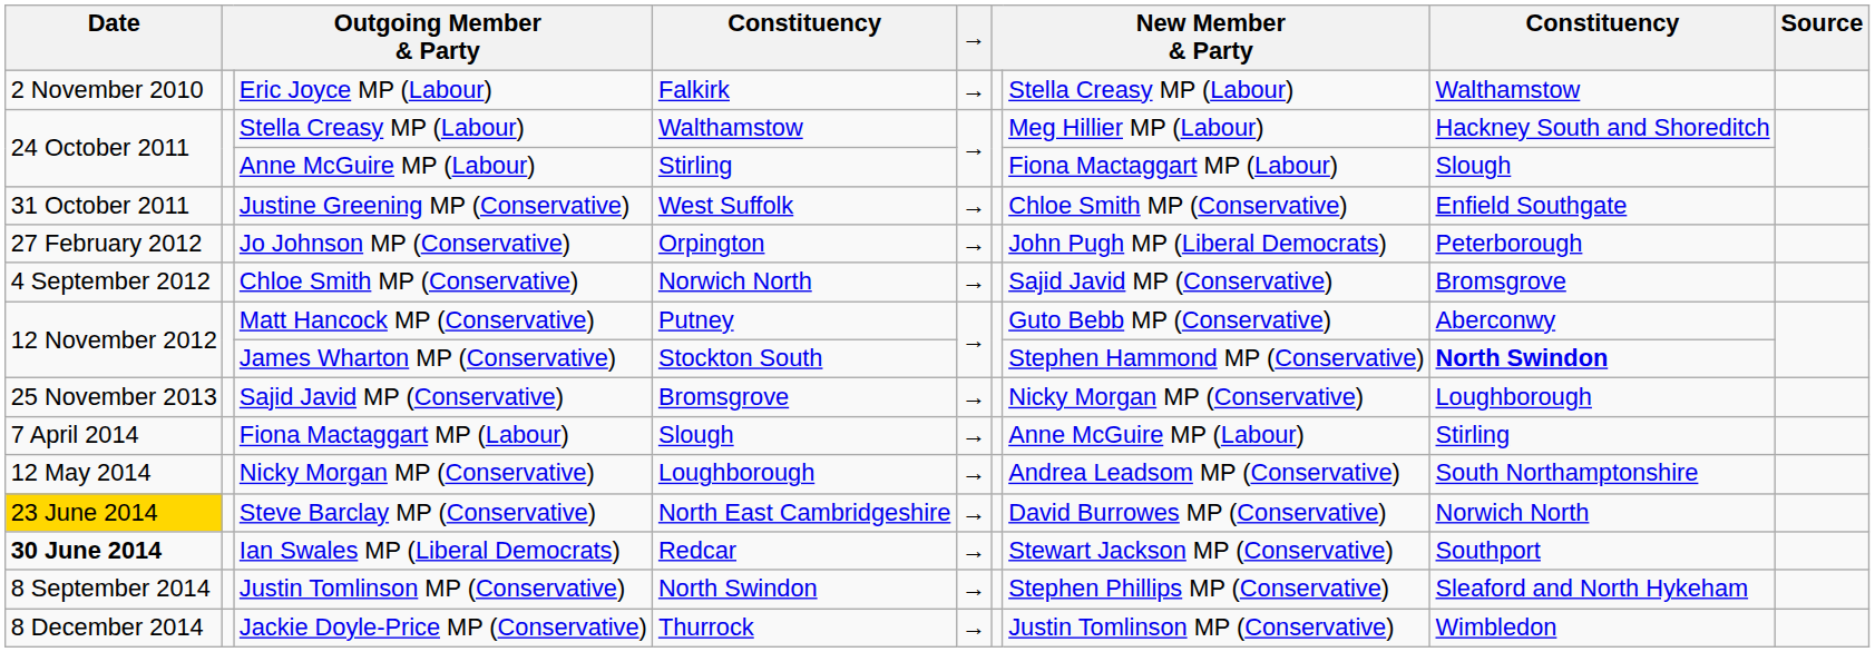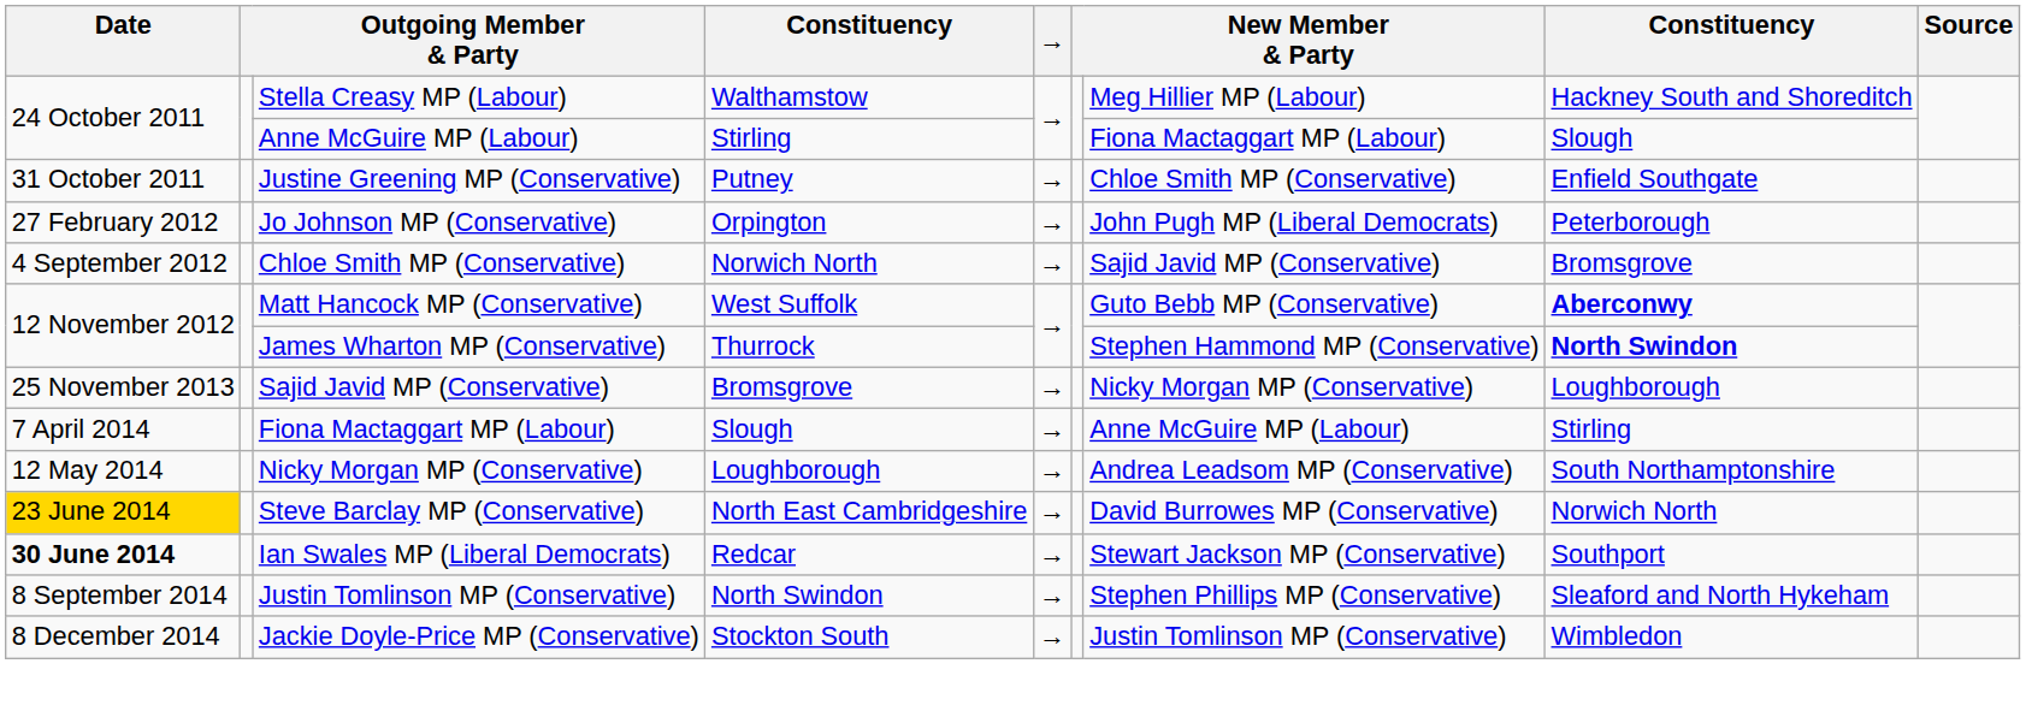 <table class="wikitable">
 <tr>
 <th valign="top">Date</th>
 <th colspan="2" valign="top">Outgoing Member<br>& Party</th>
 <th valign="top">Constituency</th>
 <th>→</th>
 <th colspan="2" valign="top">New Member<br>& Party</th>
 <th valign="top">Constituency</th>
 <th valign="top">Source</th>
-</tr>
-<tr>
-<td>2 November 2010</td>
-<td style="color:inherit;background:"></td>
-<td><a href='#'>Eric Joyce</a> MP (<a href='#'>Labour</a>)</td>
-<td><a href='#'>Falkirk</a></td>
-<td>→</td>
-<td style="color:inherit;background:"></td>
-<td><a href='#'>Stella Creasy</a> MP (<a href='#'>Labour</a>)</td>
-<td><a href='#'>Walthamstow</a></td>
-<td></td>
 </tr>
 <tr>
 <td rowspan=2>24 October 2011</td>
 <td rowspan=2 style="color:inherit;background:"></td>
 <td><a href='#'>Stella Creasy</a> MP (<a href='#'>Labour</a>)</td>
 <td><a href='#'>Walthamstow</a></td>
 <td rowspan=2>→</td>
 <td rowspan=2 style="color:inherit;background:"></td>
 <td><a href='#'>Meg Hillier</a> MP (<a href='#'>Labour</a>)</td>
 <td><a href='#'>Hackney South and Shoreditch</a></td>
 <td rowspan=2></td>
 </tr>
 <tr>
 <td><a href='#'>Anne McGuire</a> MP (<a href='#'>Labour</a>)</td>
 <td><a href='#'>Stirling</a></td>
 <td><a href='#'>Fiona Mactaggart</a> MP (<a href='#'>Labour</a>)</td>
 <td><a href='#'>Slough</a></td>
 </tr>
 <tr>
 <td>31 October 2011</td>
 <td style="color:inherit;background:"></td>
 <td><a href='#'>Justine Greening</a> MP (<a href='#'>Conservative</a>)</td>
-<td><a href='#'>West Suffolk</a></td>
+<td><a href='#'>Putney</a></td>
 <td>→</td>
 <td style="color:inherit;background:"></td>
 <td><a href='#'>Chloe Smith</a> MP (<a href='#'>Conservative</a>)</td>
 <td><a href='#'>Enfield Southgate</a></td>
 <td></td>
 </tr>
 <tr>
 <td>27 February 2012</td>
 <td style="color:inherit;background:"></td>
 <td><a href='#'>Jo Johnson</a> MP (<a href='#'>Conservative</a>)</td>
 <td><a href='#'>Orpington</a></td>
 <td>→</td>
 <td style="color:inherit;background:"></td>
 <td><a href='#'>John Pugh</a> MP (<a href='#'>Liberal Democrats</a>)</td>
 <td><a href='#'>Peterborough</a></td>
 <td></td>
 </tr>
 <tr>
 <td>4 September 2012</td>
 <td style="color:inherit;background:"></td>
 <td><a href='#'>Chloe Smith</a> MP (<a href='#'>Conservative</a>)</td>
 <td><a href='#'>Norwich North</a></td>
 <td>→</td>
 <td style="color:inherit;background:"></td>
 <td><a href='#'>Sajid Javid</a> MP (<a href='#'>Conservative</a>)</td>
 <td><a href='#'>Bromsgrove</a></td>
 <td></td>
 </tr>
 <tr>
 <td rowspan=2>12 November 2012</td>
 <td rowspan=2 style="color:inherit;background:"></td>
 <td><a href='#'>Matt Hancock</a> MP (<a href='#'>Conservative</a>)</td>
-<td><a href='#'>Putney</a></td>
+<td><a href='#'>West Suffolk</a></td>
 <td rowspan=2>→</td>
 <td rowspan=2 style="color:inherit;background:"></td>
 <td><a href='#'>Guto Bebb</a> MP (<a href='#'>Conservative</a>)</td>
-<td><a href='#'>Aberconwy</a></td>
+<td><strong><a href='#'>Aberconwy</a></strong></td>
 <td rowspan=2></td>
 </tr>
 <tr>
 <td><a href='#'>James Wharton</a> MP (<a href='#'>Conservative</a>)</td>
-<td><a href='#'>Stockton South</a></td>
+<td><a href='#'>Thurrock</a></td>
 <td><a href='#'>Stephen Hammond</a> MP (<a href='#'>Conservative</a>)</td>
 <td><strong><a href='#'>North Swindon</a></strong></td>
 </tr>
 <tr>
 <td>25 November 2013</td>
 <td style="color:inherit;background:"></td>
 <td><a href='#'>Sajid Javid</a> MP (<a href='#'>Conservative</a>)</td>
 <td><a href='#'>Bromsgrove</a></td>
 <td>→</td>
 <td style="color:inherit;background:"></td>
 <td><a href='#'>Nicky Morgan</a> MP (<a href='#'>Conservative</a>)</td>
 <td><a href='#'>Loughborough</a></td>
 <td></td>
 </tr>
 <tr>
 <td>7 April 2014</td>
 <td style="color:inherit;background:"></td>
 <td><a href='#'>Fiona Mactaggart</a> MP (<a href='#'>Labour</a>)</td>
 <td><a href='#'>Slough</a></td>
 <td>→</td>
 <td style="color:inherit;background:"></td>
 <td><a href='#'>Anne McGuire</a> MP (<a href='#'>Labour</a>)</td>
 <td><a href='#'>Stirling</a></td>
 <td></td>
 </tr>
 <tr>
 <td>12 May 2014</td>
 <td style="color:inherit;background:"></td>
 <td><a href='#'>Nicky Morgan</a> MP (<a href='#'>Conservative</a>)</td>
 <td><a href='#'>Loughborough</a></td>
 <td>→</td>
 <td style="color:inherit;background:"></td>
 <td><a href='#'>Andrea Leadsom</a> MP (<a href='#'>Conservative</a>)</td>
 <td><a href='#'>South Northamptonshire</a></td>
 <td></td>
 </tr>
 <tr>
 <td style="background: gold;">23 June 2014</td>
 <td style="color:inherit;background:"></td>
 <td><a href='#'>Steve Barclay</a> MP (<a href='#'>Conservative</a>)</td>
 <td><a href='#'>North East Cambridgeshire</a></td>
 <td>→</td>
 <td style="color:inherit;background:"></td>
 <td><a href='#'>David Burrowes</a> MP (<a href='#'>Conservative</a>)</td>
 <td><a href='#'>Norwich North</a></td>
 <td></td>
 </tr>
 <tr>
 <td><strong>30 June 2014</strong></td>
 <td style="color:inherit;background:"></td>
 <td><a href='#'>Ian Swales</a> MP (<a href='#'>Liberal Democrats</a>)</td>
 <td><a href='#'>Redcar</a></td>
 <td>→</td>
 <td style="color:inherit;background:"></td>
 <td><a href='#'>Stewart Jackson</a> MP (<a href='#'>Conservative</a>)</td>
 <td><a href='#'>Southport</a></td>
 <td></td>
 </tr>
 <tr>
 <td>8 September 2014</td>
 <td style="color:inherit;background:"></td>
 <td><a href='#'>Justin Tomlinson</a> MP (<a href='#'>Conservative</a>)</td>
 <td><a href='#'>North Swindon</a></td>
 <td>→</td>
 <td style="color:inherit;background:"></td>
 <td><a href='#'>Stephen Phillips</a> MP (<a href='#'>Conservative</a>)</td>
 <td><a href='#'>Sleaford and North Hykeham</a></td>
 <td></td>
 </tr>
 <tr>
 <td>8 December 2014</td>
 <td style="color:inherit;background:"></td>
 <td><a href='#'>Jackie Doyle-Price</a> MP (<a href='#'>Conservative</a>)</td>
-<td><a href='#'>Thurrock</a></td>
+<td><a href='#'>Stockton South</a></td>
 <td>→</td>
 <td style="color:inherit;background:"></td>
 <td><a href='#'>Justin Tomlinson</a> MP (<a href='#'>Conservative</a>)</td>
 <td><a href='#'>Wimbledon</a></td>
 <td></td>
 </tr>
 </table>
